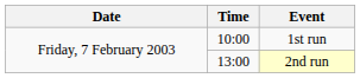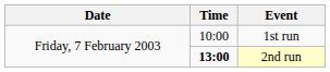 <table class = "wikitable" style="text-align:center;">
 <tr>
 <th width=220>Date</th>
 <th width=50>Time</th>
 <th width=100>Event</th>
 </tr>
 <tr>
 <td rowspan=2>Friday, 7 February 2003</td>
 <td>10:00</td>
 <td>1st run</td>
 </tr>
 <tr>
-<td>13:00</td>
+<td><strong>13:00</strong></td>
 <td bgcolor=ffffcc>2nd run</td>
 </tr>
 </table>
